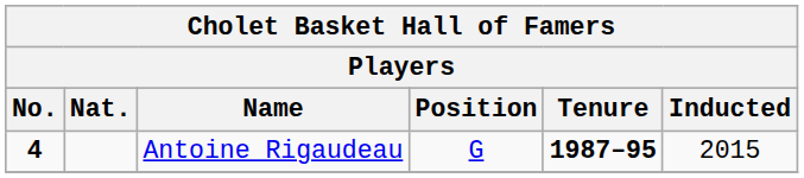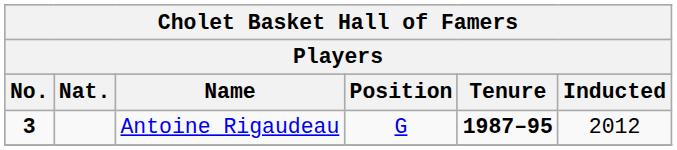 <table class="wikitable sortable" style="text-align:center">
 <tr>
 <th colspan="6">Cholet Basket Hall of Famers</th>
 </tr>
 <tr>
 <th colspan="6">Players</th>
 </tr>
 <tr>
 <th>No.</th>
 <th>Nat.</th>
 <th>Name</th>
 <th>Position</th>
 <th>Tenure</th>
 <th>Inducted</th>
 </tr>
 <tr>
-<td><strong>4</strong></td>
+<td><strong>3</strong></td>
 <td></td>
 <td><a href='#'>Antoine Rigaudeau</a></td>
 <td><a href='#'>G</a></td>
 <td><strong>1987–95</strong></td>
-<td>2015</td>
+<td>2012</td>
 </tr>
 <tr>
 </tr>
 </table>
